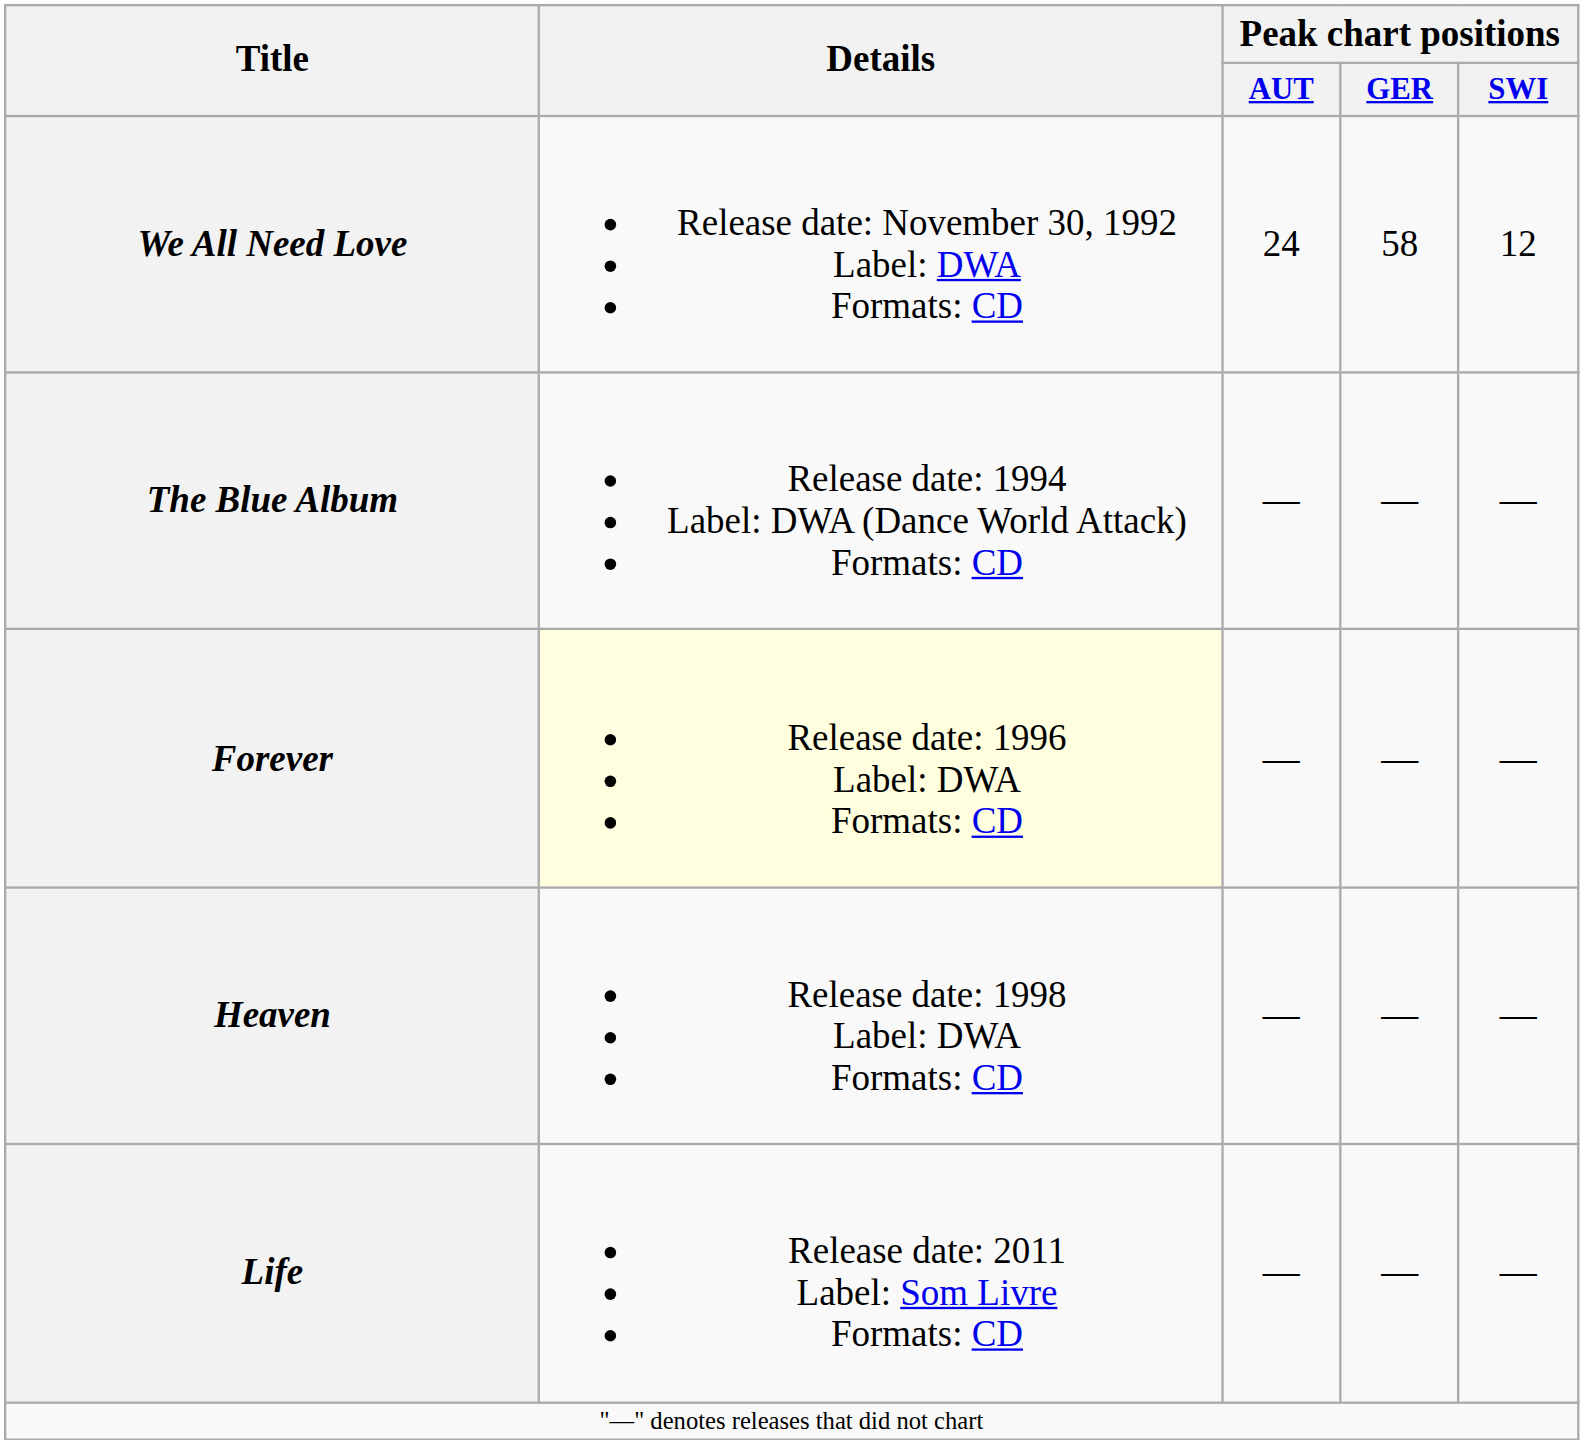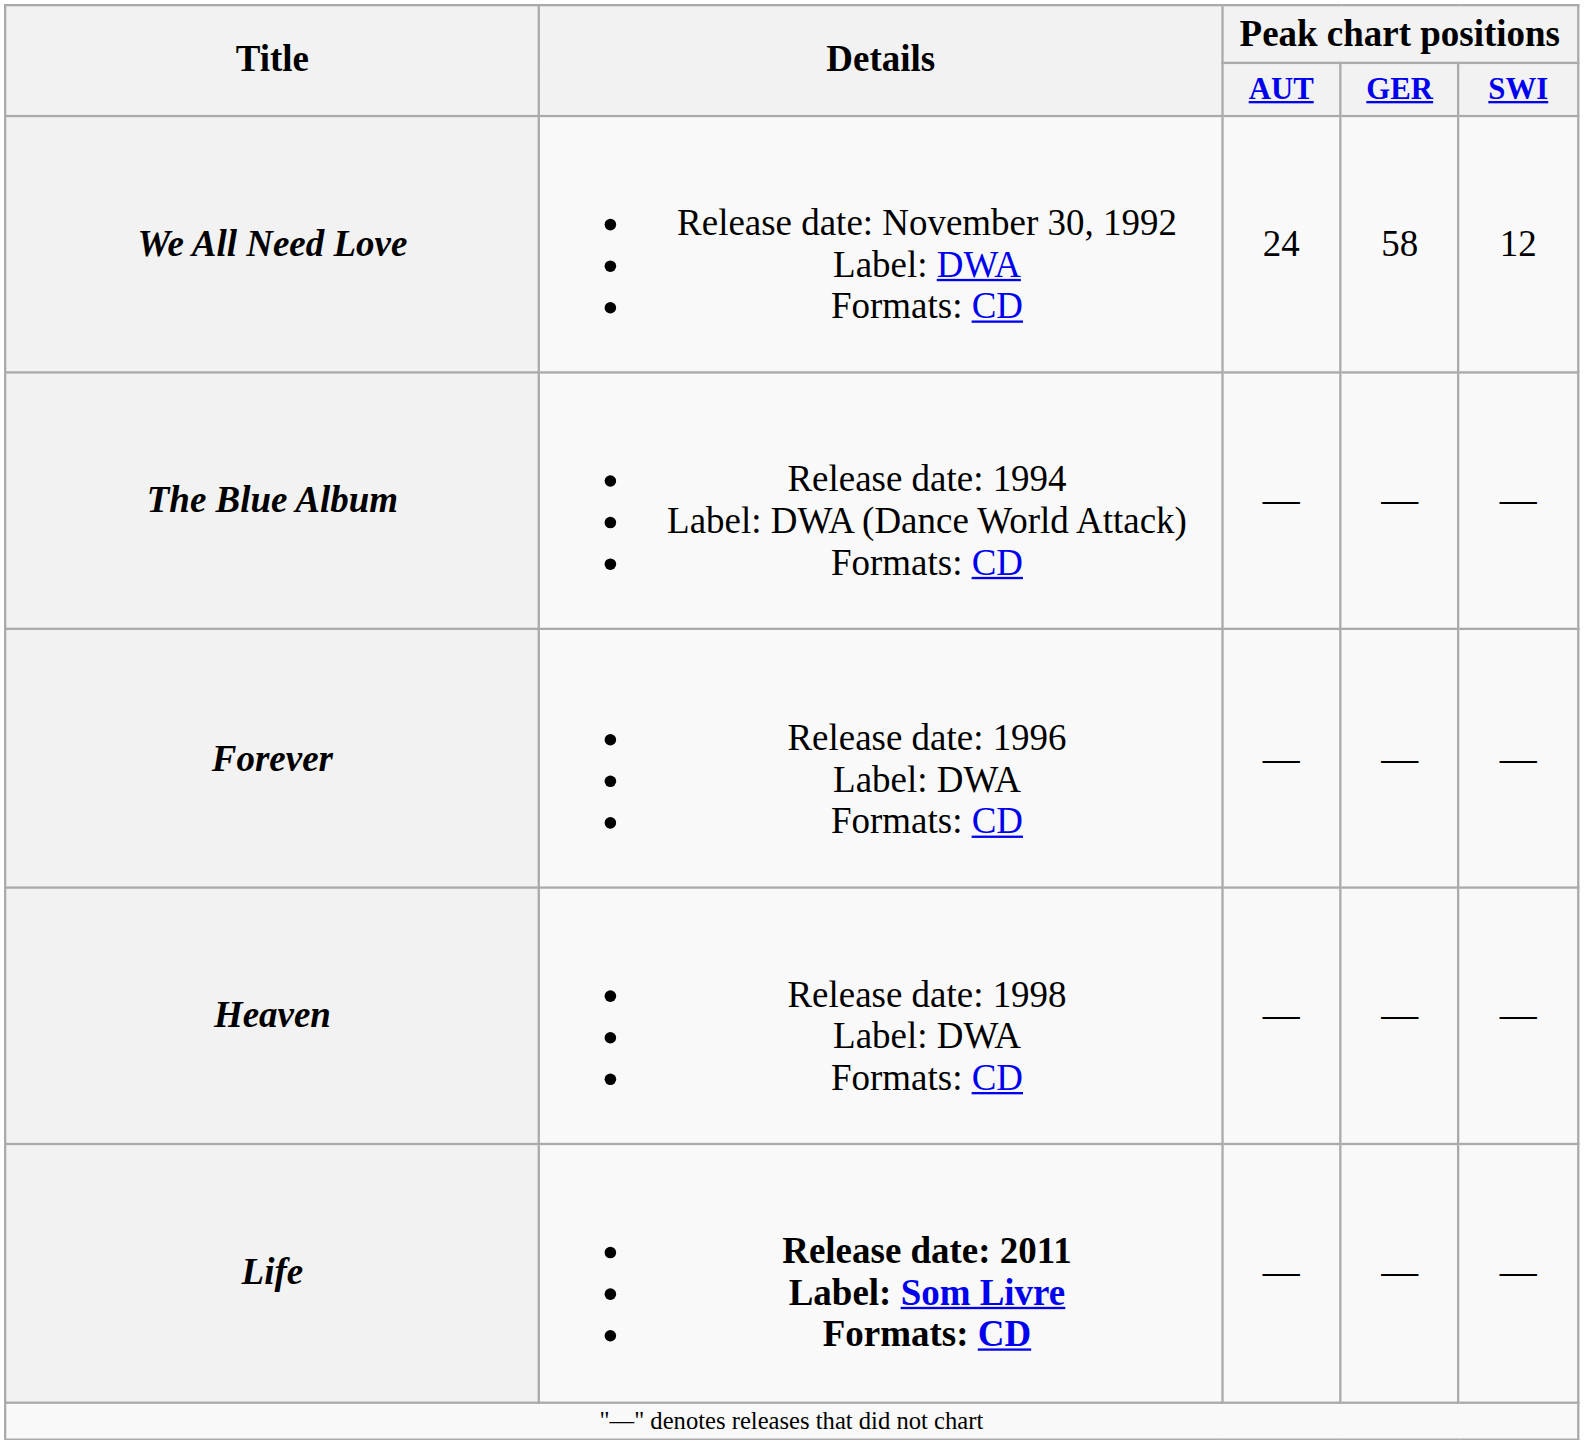 <table class="wikitable plainrowheaders" style="text-align:center;">
 <tr>
 <th rowspan="2" style="width:14em;">Title</th>
 <th rowspan="2" style="width:18em;">Details</th>
 <th colspan="3">Peak chart positions</th>
 </tr>
 <tr style="font-size:smaller;">
 <th style="width:45px;"><a href='#'>AUT</a></th>
 <th style="width:45px;"><a href='#'>GER</a></th>
 <th style="width:45px;"><a href='#'>SWI</a></th>
 </tr>
 <tr>
 <th scope="row"><em>We All Need Love</em></th>
 <td><br><ul><li>Release date: November 30, 1992</li><li>Label: <a href='#'>DWA</a></li><li>Formats: <a href='#'>CD</a></li></ul></td>
 <td>24</td>
 <td>58</td>
 <td>12</td>
 </tr>
 <tr>
 <th scope="row"><em>The Blue Album</em></th>
 <td><br><ul><li>Release date: 1994</li><li>Label: DWA (Dance World Attack)</li><li>Formats: <a href='#'>CD</a></li></ul></td>
 <td>—</td>
 <td>—</td>
 <td>—</td>
 </tr>
 <tr>
 <th scope="row"><em>Forever</em></th>
-<td style="background: lightyellow;"><br><ul><li>Release date: 1996</li><li>Label: DWA</li><li>Formats: <a href='#'>CD</a></li></ul></td>
+<td><br><ul><li>Release date: 1996</li><li>Label: DWA</li><li>Formats: <a href='#'>CD</a></li></ul></td>
 <td>—</td>
 <td>—</td>
 <td>—</td>
 </tr>
 <tr>
 <th scope="row"><em>Heaven</em></th>
 <td><br><ul><li>Release date: 1998</li><li>Label: DWA</li><li>Formats: <a href='#'>CD</a></li></ul></td>
 <td>—</td>
 <td>—</td>
 <td>—</td>
 </tr>
 <tr>
 <th scope="row"><em>Life</em></th>
-<td><br><ul><li>Release date: 2011</li><li>Label: <a href='#'>Som Livre</a></li><li>Formats: <a href='#'>CD</a></li></ul></td>
+<td><strong><br><ul><li>Release date: 2011</li><li>Label: <a href='#'>Som Livre</a></li><li>Formats: <a href='#'>CD</a></li></ul></strong></td>
 <td>—</td>
 <td>—</td>
 <td>—</td>
 </tr>
 <tr>
 <td colspan="15" style="font-size:8pt">"—" denotes releases that did not chart</td>
 </tr>
 </table>
